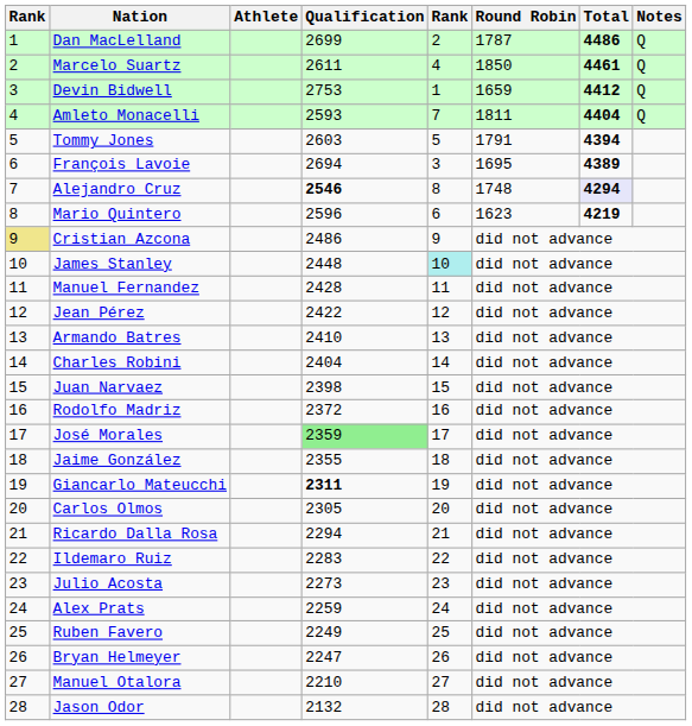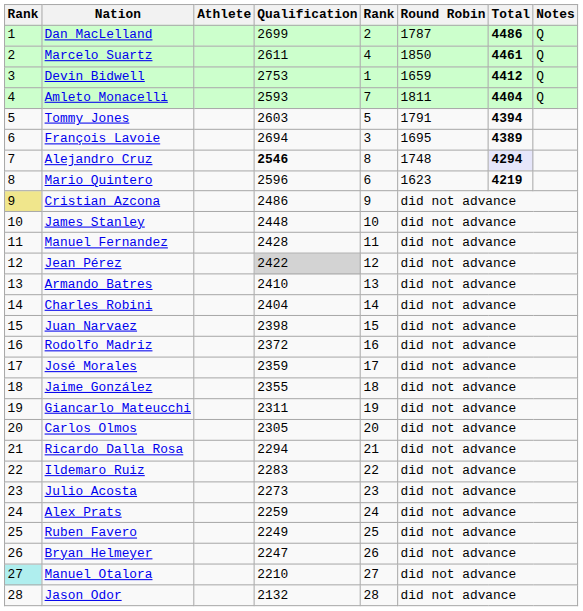 <table class="wikitable sortable" style="font-size:95%" style="width:35em;" style="text-align:center">
 <tr>
 <th>Rank</th>
 <th>Nation</th>
 <th>Athlete</th>
 <th>Qualification</th>
 <th>Rank</th>
 <th>Round Robin</th>
 <th>Total</th>
 <th>Notes</th>
 </tr>
 <tr style="background:#cfc">
 <td>1</td>
 <td align=left><a href='#'>Dan MacLelland</a></td>
 <td align=left></td>
 <td>2699</td>
 <td>2</td>
 <td>1787</td>
 <td><strong>4486 </strong></td>
 <td>Q</td>
 </tr>
 <tr style="background:#cfc">
 <td>2</td>
 <td align=left><a href='#'>Marcelo Suartz</a></td>
 <td align=left></td>
 <td>2611</td>
 <td>4</td>
 <td>1850</td>
 <td><strong>4461 </strong></td>
 <td>Q</td>
 </tr>
 <tr style="background:#cfc">
 <td>3</td>
 <td align=left><a href='#'>Devin Bidwell</a></td>
 <td align=left></td>
 <td>2753</td>
 <td>1</td>
 <td>1659</td>
 <td><strong>4412</strong></td>
 <td>Q</td>
 </tr>
 <tr style="background:#cfc">
 <td>4</td>
 <td align=left><a href='#'>Amleto Monacelli</a></td>
 <td align=left></td>
 <td>2593</td>
 <td>7</td>
 <td>1811</td>
 <td><strong>4404</strong></td>
 <td>Q</td>
 </tr>
 <tr>
 <td>5</td>
 <td align=left><a href='#'>Tommy Jones</a></td>
 <td align=left></td>
 <td>2603</td>
 <td>5</td>
 <td>1791</td>
 <td><strong>4394</strong></td>
 <td></td>
 </tr>
 <tr>
 <td>6</td>
 <td align=left><a href='#'>François Lavoie</a></td>
 <td align=left></td>
 <td>2694</td>
 <td>3</td>
 <td>1695</td>
 <td><strong>4389</strong></td>
 <td></td>
 </tr>
 <tr>
 <td>7</td>
 <td align=left><a href='#'>Alejandro Cruz</a></td>
 <td align=left></td>
 <td><strong>2546</strong></td>
 <td>8</td>
 <td>1748</td>
 <td style="background: lavender;"><strong>4294</strong></td>
 <td></td>
 </tr>
 <tr>
 <td>8</td>
 <td align=left><a href='#'>Mario Quintero</a></td>
 <td align=left></td>
 <td>2596</td>
 <td>6</td>
 <td>1623</td>
 <td><strong>4219</strong></td>
 <td></td>
 </tr>
 <tr>
 <td style="background: khaki;">9</td>
 <td align=left><a href='#'>Cristian Azcona</a></td>
 <td align=left></td>
 <td>2486</td>
 <td>9</td>
 <td colspan=4>did not advance</td>
 </tr>
 <tr>
 <td>10</td>
 <td align=left><a href='#'>James Stanley</a></td>
 <td align=left></td>
 <td>2448</td>
-<td style="background: paleturquoise;">10</td>
+<td>10</td>
 <td colspan=4>did not advance</td>
 </tr>
 <tr>
 <td>11</td>
 <td align=left><a href='#'>Manuel Fernandez</a></td>
 <td align=left></td>
 <td>2428</td>
 <td>11</td>
 <td colspan=4>did not advance</td>
 </tr>
 <tr>
 <td>12</td>
 <td align=left><a href='#'>Jean Pérez</a></td>
 <td align=left></td>
-<td>2422</td>
+<td style="background: lightgrey;">2422</td>
 <td>12</td>
 <td colspan=4>did not advance</td>
 </tr>
 <tr>
 <td>13</td>
 <td align=left><a href='#'>Armando Batres</a></td>
 <td align=left></td>
 <td>2410</td>
 <td>13</td>
 <td colspan=4>did not advance</td>
 </tr>
 <tr>
 <td>14</td>
 <td align=left><a href='#'>Charles Robini</a></td>
 <td align=left></td>
 <td>2404</td>
 <td>14</td>
 <td colspan=4>did not advance</td>
 </tr>
 <tr>
 <td>15</td>
 <td align=left><a href='#'>Juan Narvaez</a></td>
 <td align=left></td>
 <td>2398</td>
 <td>15</td>
 <td colspan=4>did not advance</td>
 </tr>
 <tr>
 <td>16</td>
 <td align=left><a href='#'>Rodolfo Madriz</a></td>
 <td align=left></td>
 <td>2372</td>
 <td>16</td>
 <td colspan=4>did not advance</td>
 </tr>
 <tr>
 <td>17</td>
 <td align=left><a href='#'>José Morales</a></td>
 <td align=left></td>
-<td style="background: lightgreen;">2359</td>
+<td>2359</td>
 <td>17</td>
 <td colspan=4>did not advance</td>
 </tr>
 <tr>
 <td>18</td>
 <td align=left><a href='#'>Jaime González</a></td>
 <td align=left></td>
 <td>2355</td>
 <td>18</td>
 <td colspan=4>did not advance</td>
 </tr>
 <tr>
 <td>19</td>
 <td align=left><a href='#'>Giancarlo Mateucchi</a></td>
 <td align=left></td>
-<td><strong>2311</strong></td>
+<td>2311</td>
 <td>19</td>
 <td colspan=4>did not advance</td>
 </tr>
 <tr>
 <td>20</td>
 <td align=left><a href='#'>Carlos Olmos</a></td>
 <td align=left></td>
 <td>2305</td>
 <td>20</td>
 <td colspan=4>did not advance</td>
 </tr>
 <tr>
 <td>21</td>
 <td align=left><a href='#'>Ricardo Dalla Rosa</a></td>
 <td align=left></td>
 <td>2294</td>
 <td>21</td>
 <td colspan=4>did not advance</td>
 </tr>
 <tr>
 <td>22</td>
 <td align=left><a href='#'>Ildemaro Ruiz</a></td>
 <td align=left></td>
 <td>2283</td>
 <td>22</td>
 <td colspan=4>did not advance</td>
 </tr>
 <tr>
 <td>23</td>
 <td align=left><a href='#'>Julio Acosta</a></td>
 <td align=left></td>
 <td>2273</td>
 <td>23</td>
 <td colspan=4>did not advance</td>
 </tr>
 <tr>
 <td>24</td>
 <td align=left><a href='#'>Alex Prats</a></td>
 <td align=left></td>
 <td>2259</td>
 <td>24</td>
 <td colspan=4>did not advance</td>
 </tr>
 <tr>
 <td>25</td>
 <td align=left><a href='#'>Ruben Favero</a></td>
 <td align=left></td>
 <td>2249</td>
 <td>25</td>
 <td colspan=4>did not advance</td>
 </tr>
 <tr>
 <td>26</td>
 <td align=left><a href='#'>Bryan Helmeyer</a></td>
 <td align=left></td>
 <td>2247</td>
 <td>26</td>
 <td colspan=4>did not advance</td>
 </tr>
 <tr>
-<td>27</td>
+<td style="background: paleturquoise;">27</td>
 <td align=left><a href='#'>Manuel Otalora</a></td>
 <td align=left></td>
 <td>2210</td>
 <td>27</td>
 <td colspan=4>did not advance</td>
 </tr>
 <tr>
 <td>28</td>
 <td align=left><a href='#'>Jason Odor</a></td>
 <td align=left></td>
 <td>2132</td>
 <td>28</td>
 <td colspan=4>did not advance</td>
 </tr>
 </table>
